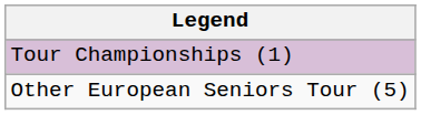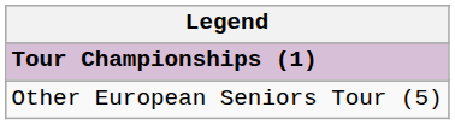 <table class="wikitable" style="font-size:95%;">
 <tr>
 <th>Legend</th>
 </tr>
 <tr style="background:thistle;">
-<td>Tour Championships (1)</td>
+<td><strong>Tour Championships (1)</strong></td>
 </tr>
 <tr>
 <td>Other European Seniors Tour (5)</td>
 </tr>
 </table>
